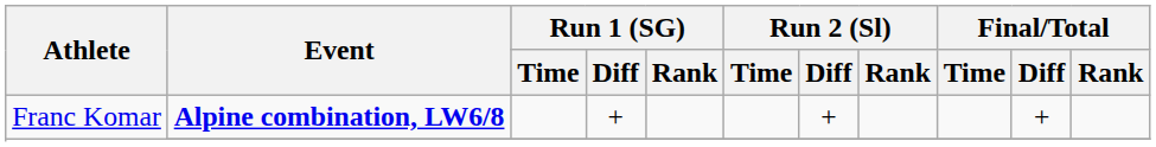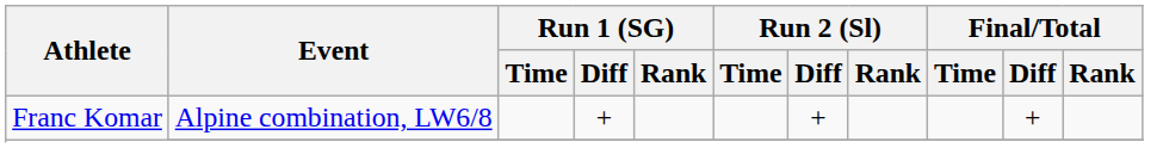 <table class="wikitable" style="font-size:100%">
 <tr>
 <th rowspan="2">Athlete</th>
 <th rowspan="2">Event</th>
 <th colspan="3">Run 1 (SG)</th>
 <th colspan="3">Run 2 (Sl)</th>
 <th colspan="3">Final/Total</th>
 </tr>
 <tr>
 <th>Time</th>
 <th>Diff</th>
 <th>Rank</th>
 <th>Time</th>
 <th>Diff</th>
 <th>Rank</th>
 <th>Time</th>
 <th>Diff</th>
 <th>Rank</th>
 </tr>
 <tr>
 <td rowspan=2><a href='#'>Franc Komar</a></td>
-<td><strong><a href='#'>Alpine combination, LW6/8</a></strong></td>
+<td><a href='#'>Alpine combination, LW6/8</a></td>
 <td align="center"></td>
 <td align="center">+</td>
 <td align="center"></td>
 <td align="center"></td>
 <td align="center">+</td>
 <td align="center"></td>
 <td align="center"></td>
 <td align="center">+</td>
 <td colspan="3" align="center"></td>
 </tr>
 <tr>
 </tr>
 </table>
